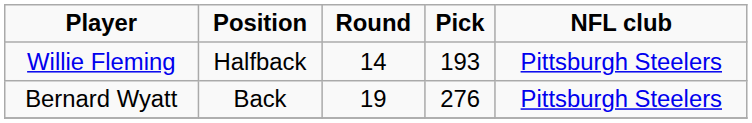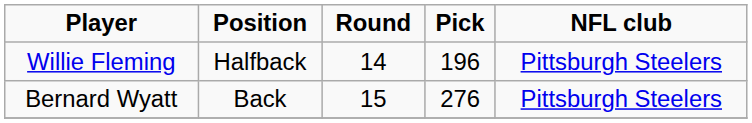 <table class="wikitable" width="80%">
 <tr align="center">
 <td><strong>Player</strong></td>
 <td><strong>Position</strong></td>
 <td><strong>Round</strong></td>
 <td><strong>Pick</strong></td>
 <td><strong>NFL club</strong></td>
 </tr>
 <tr align="center" bgcolor="">
 <td><a href='#'>Willie Fleming</a></td>
 <td>Halfback</td>
 <td>14</td>
-<td>193</td>
+<td>196</td>
 <td><a href='#'>Pittsburgh Steelers</a></td>
 </tr>
 <tr align="center" bgcolor="">
 <td>Bernard Wyatt</td>
 <td>Back</td>
-<td>19</td>
+<td>15</td>
 <td>276</td>
 <td><a href='#'>Pittsburgh Steelers</a></td>
 </tr>
 <tr align="center" bgcolor="">
 </tr>
 </table>
